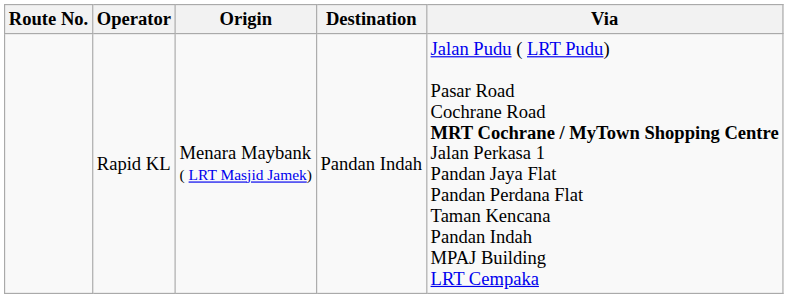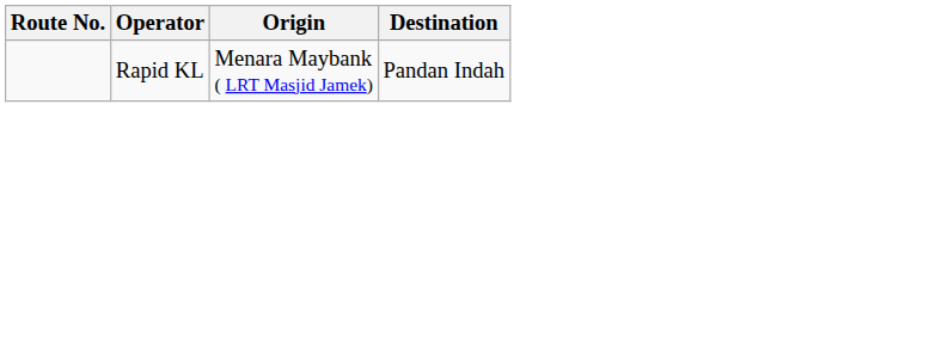 <table class="wikitable">
 <tr>
 <th>Route No.</th>
 <th>Operator</th>
 <th>Origin</th>
 <th>Destination</th>
-<th>Via</th>
 </tr>
 <tr>
 <td></td>
 <td>Rapid KL</td>
 <td>Menara Maybank <br><small>( <a href='#'>LRT Masjid Jamek</a>)</small></td>
 <td>Pandan Indah</td>
-<td><a href='#'>Jalan Pudu</a> ( <a href='#'>LRT Pudu</a>)<br><br>Pasar Road<br> Cochrane Road<br>  <strong>MRT Cochrane / MyTown Shopping Centre</strong><br> Jalan Perkasa 1<br> Pandan Jaya Flat<br> Pandan Perdana Flat<br> Taman Kencana<br> Pandan Indah<br> MPAJ Building<br> <a href='#'>LRT Cempaka</a><br></td>
 </tr>
 </table>
